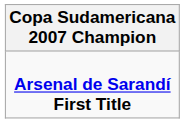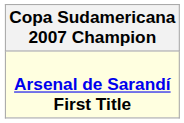 <table class="wikitable" style="text-align: center; margin: 0 auto;">
 <tr>
 <th>Copa Sudamericana<br>2007 Champion</th>
 </tr>
 <tr>
-<td><br><strong><a href='#'>Arsenal de Sarandí</a></strong><br><strong>First Title</strong></td>
+<td style="background: lightyellow;"><br><strong><a href='#'>Arsenal de Sarandí</a></strong><br><strong>First Title</strong></td>
 </tr>
 </table>
